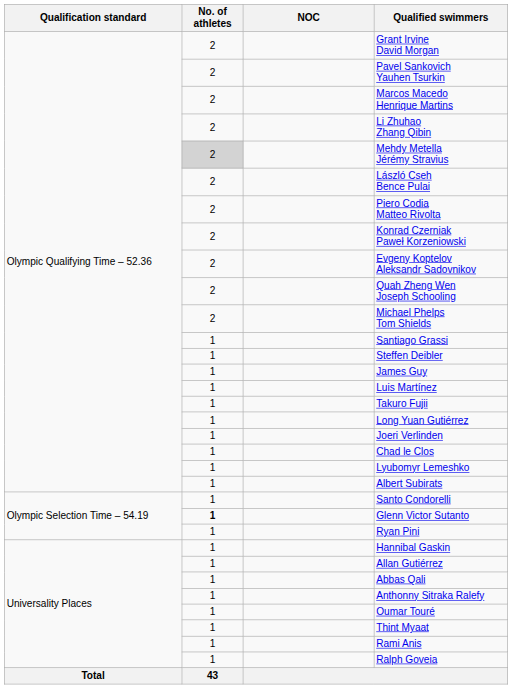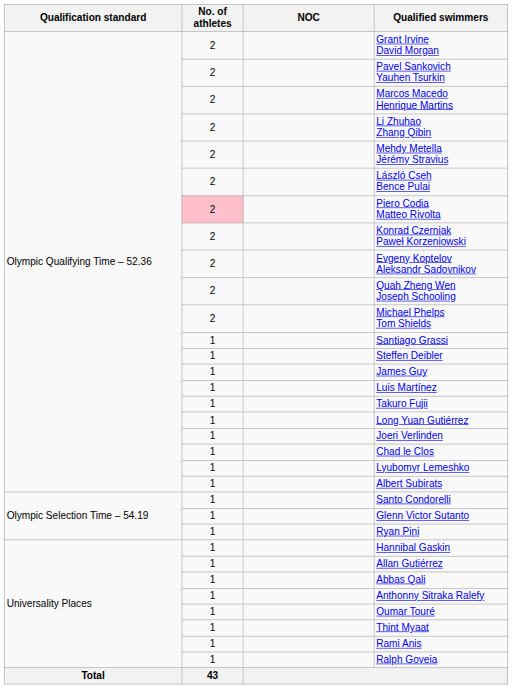 <table class=wikitable style="text-align:left" width=800>
 <tr>
 <th>Qualification standard</th>
 <th width=90>No. of athletes</th>
 <th width=200>NOC</th>
 <th>Qualified swimmers</th>
 </tr>
 <tr>
 <td rowspan=21>Olympic Qualifying Time – 52.36</td>
 <td align=center>2</td>
 <td></td>
 <td><a href='#'>Grant Irvine</a><br><a href='#'>David Morgan</a></td>
 </tr>
 <tr>
 <td align=center>2</td>
 <td></td>
 <td><a href='#'>Pavel Sankovich</a><br><a href='#'>Yauhen Tsurkin</a></td>
 </tr>
 <tr>
 <td align=center>2</td>
 <td></td>
 <td><a href='#'>Marcos Macedo</a><br><a href='#'>Henrique Martins</a></td>
 </tr>
 <tr>
 <td align=center>2</td>
 <td></td>
 <td><a href='#'>Li Zhuhao</a><br><a href='#'>Zhang Qibin</a></td>
 </tr>
 <tr>
-<td align=center style="background: lightgrey;">2</td>
+<td align=center>2</td>
 <td></td>
 <td><a href='#'>Mehdy Metella</a><br><a href='#'>Jérémy Stravius</a></td>
 </tr>
 <tr>
 <td align=center>2</td>
 <td></td>
 <td><a href='#'>László Cseh</a><br><a href='#'>Bence Pulai</a></td>
 </tr>
 <tr>
-<td align=center>2</td>
+<td align=center style="background: pink;">2</td>
 <td></td>
 <td><a href='#'>Piero Codia</a><br><a href='#'>Matteo Rivolta</a></td>
 </tr>
 <tr>
 <td align=center>2</td>
 <td></td>
 <td><a href='#'>Konrad Czerniak</a><br><a href='#'>Paweł Korzeniowski</a></td>
 </tr>
 <tr>
 <td align=center>2</td>
 <td></td>
 <td><a href='#'>Evgeny Koptelov</a><br><a href='#'>Aleksandr Sadovnikov</a></td>
 </tr>
 <tr>
 <td align=center>2</td>
 <td></td>
 <td><a href='#'>Quah Zheng Wen</a><br><a href='#'>Joseph Schooling</a></td>
 </tr>
 <tr>
 <td align=center>2</td>
 <td></td>
 <td><a href='#'>Michael Phelps</a><br><a href='#'>Tom Shields</a></td>
 </tr>
 <tr>
 <td align=center>1</td>
 <td></td>
 <td><a href='#'>Santiago Grassi</a></td>
 </tr>
 <tr>
 <td align=center>1</td>
 <td></td>
 <td><a href='#'>Steffen Deibler</a></td>
 </tr>
 <tr>
 <td align=center>1</td>
 <td></td>
 <td><a href='#'>James Guy</a></td>
 </tr>
 <tr>
 <td align=center>1</td>
 <td></td>
 <td><a href='#'>Luis Martínez</a></td>
 </tr>
 <tr>
 <td align=center>1</td>
 <td></td>
 <td><a href='#'>Takuro Fujii</a></td>
 </tr>
 <tr>
 <td align=center>1</td>
 <td></td>
 <td><a href='#'>Long Yuan Gutiérrez</a></td>
 </tr>
 <tr>
 <td align=center>1</td>
 <td></td>
 <td><a href='#'>Joeri Verlinden</a></td>
 </tr>
 <tr>
 <td align=center>1</td>
 <td></td>
 <td><a href='#'>Chad le Clos</a></td>
 </tr>
 <tr>
 <td align=center>1</td>
 <td></td>
 <td><a href='#'>Lyubomyr Lemeshko</a></td>
 </tr>
 <tr>
 <td align=center>1</td>
 <td></td>
 <td><a href='#'>Albert Subirats</a></td>
 </tr>
 <tr>
 <td rowspan=3>Olympic Selection Time – 54.19</td>
 <td align=center>1</td>
 <td></td>
 <td><a href='#'>Santo Condorelli</a></td>
 </tr>
 <tr>
-<td align=center><strong>1</strong></td>
+<td align=center>1</td>
 <td></td>
 <td><a href='#'>Glenn Victor Sutanto</a></td>
 </tr>
 <tr>
 <td align=center>1</td>
 <td></td>
 <td><a href='#'>Ryan Pini</a></td>
 </tr>
 <tr>
 <td rowspan=8>Universality Places</td>
 <td align=center>1</td>
 <td></td>
 <td><a href='#'>Hannibal Gaskin</a></td>
 </tr>
 <tr>
 <td align=center>1</td>
 <td></td>
 <td><a href='#'>Allan Gutiérrez</a></td>
 </tr>
 <tr>
 <td align=center>1</td>
 <td></td>
 <td><a href='#'>Abbas Qali</a></td>
 </tr>
 <tr>
 <td align=center>1</td>
 <td></td>
 <td><a href='#'>Anthonny Sitraka Ralefy</a></td>
 </tr>
 <tr>
 <td align=center>1</td>
 <td></td>
 <td><a href='#'>Oumar Touré</a></td>
 </tr>
 <tr>
 <td align=center>1</td>
 <td></td>
 <td><a href='#'>Thint Myaat</a></td>
 </tr>
 <tr>
 <td align=center>1</td>
 <td></td>
 <td><a href='#'>Rami Anis</a></td>
 </tr>
 <tr>
 <td align=center>1</td>
 <td></td>
 <td><a href='#'>Ralph Goveia</a></td>
 </tr>
 <tr>
 <th><strong>Total</strong></th>
 <th>43</th>
 <th colspan=2></th>
 </tr>
 </table>
